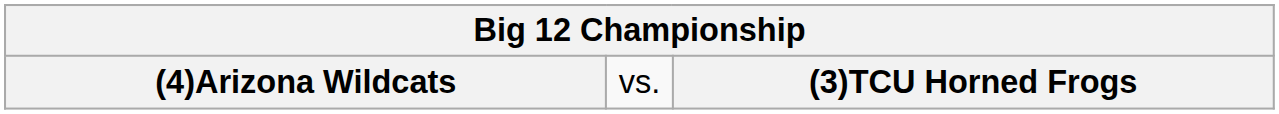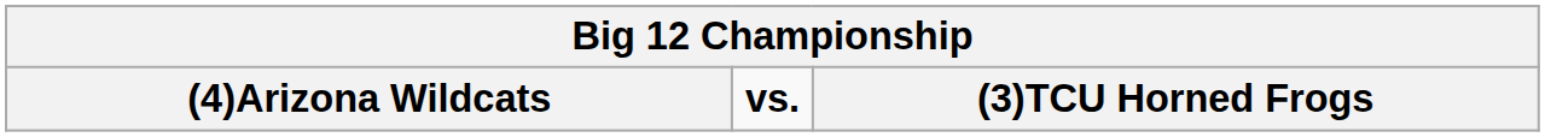 <table class="wikitable">
 <tr>
 <th style="width: 604px;" colspan=3>Big 12 Championship</th>
 </tr>
 <tr>
 <th style="width: 289px; ">(4)Arizona Wildcats</th>
-<td style="width: 25px; text-align:center">vs.</td>
+<td style="width: 25px; text-align:center"><strong>vs.</strong></td>
 <th style="width: 289px; ">(3)TCU Horned Frogs</th>
 </tr>
 </table>
